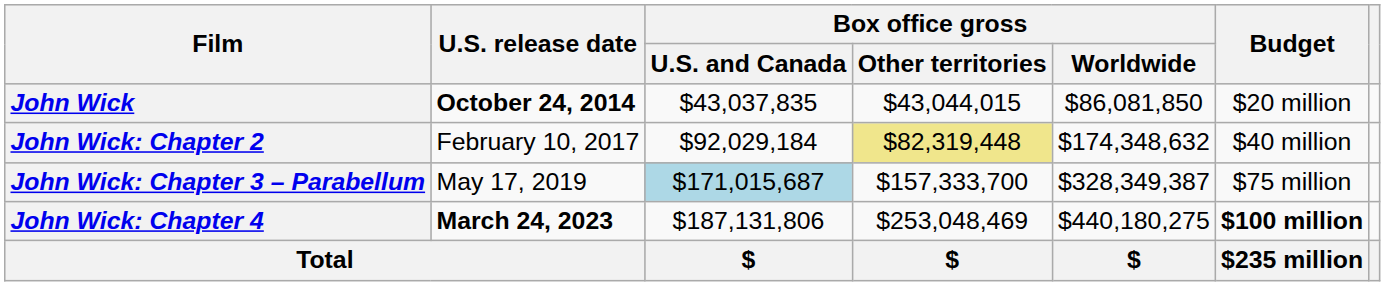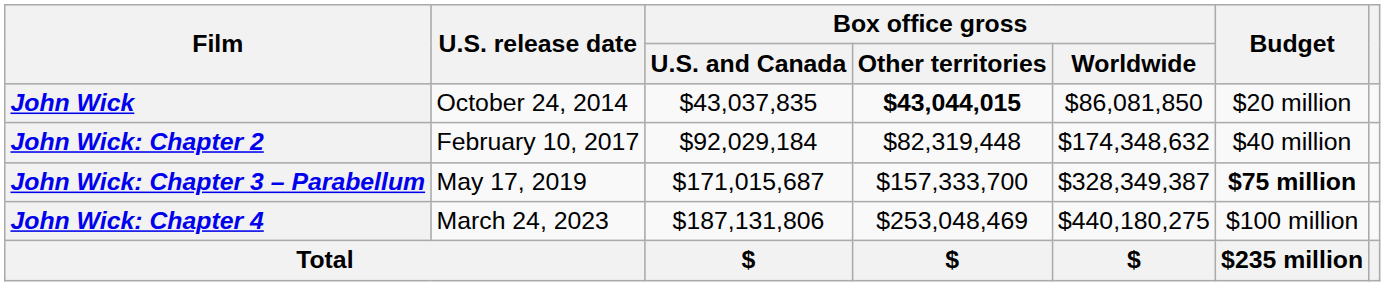 <table class="wikitable sortable plainrowheaders" style="text-align: center">
 <tr>
 <th rowspan="2">Film</th>
 <th rowspan="2">U.S. release date</th>
 <th colspan="3">Box office gross</th>
 <th rowspan="2">Budget</th>
 <th rowspan="2"></th>
 </tr>
 <tr>
 <th>U.S. and Canada</th>
 <th>Other territories</th>
 <th>Worldwide</th>
 </tr>
 <tr>
 <th scope="row" style="text-align:left"><em><a href='#'>John Wick</a></em></th>
-<td style="text-align:left"><strong>October 24, 2014</strong></td>
+<td style="text-align:left">October 24, 2014</td>
 <td>$43,037,835</td>
-<td>$43,044,015</td>
+<td><strong>$43,044,015</strong></td>
 <td>$86,081,850</td>
 <td>$20 million</td>
 <td></td>
 </tr>
 <tr>
 <th scope="row" style="text-align:left"><em><a href='#'>John Wick: Chapter 2</a></em></th>
 <td style="text-align:left">February 10, 2017</td>
 <td>$92,029,184</td>
-<td style="background: khaki;">$82,319,448</td>
+<td>$82,319,448</td>
 <td>$174,348,632</td>
 <td>$40 million</td>
 <td></td>
 </tr>
 <tr>
 <th scope="row" style="text-align:left"><em><a href='#'>John Wick: Chapter 3 – Parabellum</a></em></th>
 <td style="text-align:left">May 17, 2019</td>
-<td style="background: lightblue;">$171,015,687</td>
+<td>$171,015,687</td>
 <td>$157,333,700</td>
 <td>$328,349,387</td>
-<td>$75 million</td>
+<td><strong>$75 million</strong></td>
 <td></td>
 </tr>
 <tr>
 <th scope="row" style="text-align:left"><em><a href='#'>John Wick: Chapter 4</a></em></th>
-<td style="text-align:left"><strong>March 24, 2023</strong></td>
+<td style="text-align:left">March 24, 2023</td>
 <td>$187,131,806</td>
 <td>$253,048,469</td>
 <td>$440,180,275</td>
-<td><strong>$100 million</strong></td>
+<td>$100 million</td>
 <td></td>
 </tr>
 <tr>
 <th colspan="2">Total</th>
 <th>$</th>
 <th>$</th>
 <th>$</th>
 <th>$235 million</th>
 <th></th>
 </tr>
 </table>
